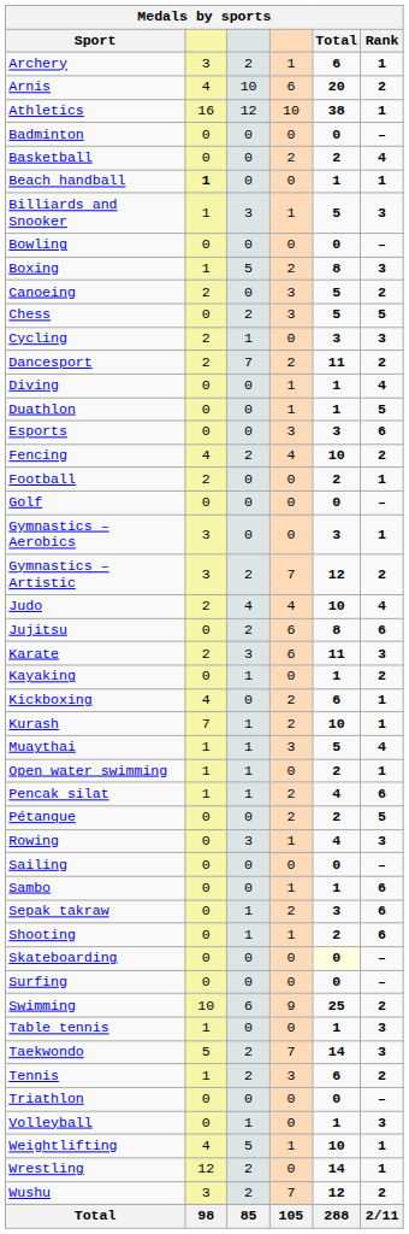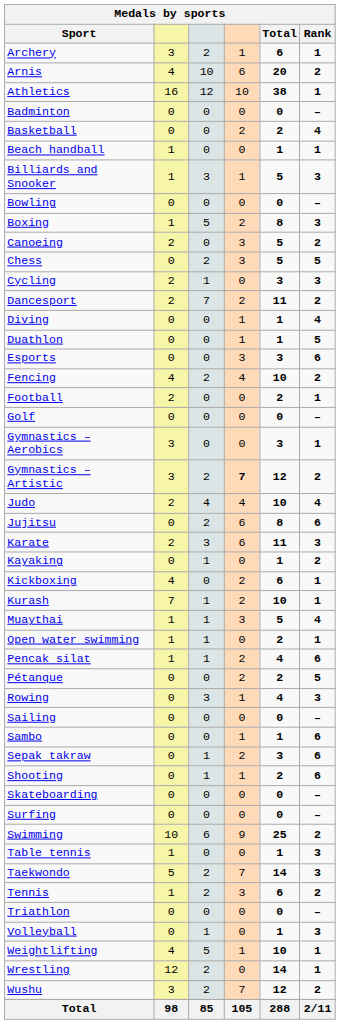 <table class="wikitable sortable" style="font-size:90%; text-align:center;">
 <tr>
 <th colspan=6>Medals by sports</th>
 </tr>
 <tr>
 <th width=145>Sport</th>
 <th scope="col" width=30 style="background:#F7F6A8;"></th>
 <th scope="col" width=30 style="background:#DCE5E5;"></th>
 <th scope="col" width=30 style="background:#FFDAB9;"></th>
 <th width=30>Total</th>
 <th width=30>Rank</th>
 </tr>
 <tr>
 <td style="text-align:left"><a href='#'>Archery</a></td>
 <td style="background:#F7F6A8;">3</td>
 <td style="background:#DCE5E5;">2</td>
 <td style="background:#FFDAB9;">1</td>
 <td><strong>6</strong></td>
 <td><strong>1</strong></td>
 </tr>
 <tr>
 <td style="text-align:left"><a href='#'>Arnis</a></td>
 <td style="background:#F7F6A8;">4</td>
 <td style="background:#DCE5E5;">10</td>
 <td style="background:#FFDAB9;">6</td>
 <td><strong>20</strong></td>
 <td><strong>2</strong></td>
 </tr>
 <tr>
 <td style="text-align:left"><a href='#'>Athletics</a></td>
 <td style="background:#F7F6A8;">16</td>
 <td style="background:#DCE5E5;">12</td>
 <td style="background:#FFDAB9;">10</td>
 <td><strong>38</strong></td>
 <td><strong>1</strong></td>
 </tr>
 <tr>
 <td style="text-align:left"><a href='#'>Badminton</a></td>
 <td style="background:#F7F6A8;">0</td>
 <td style="background:#DCE5E5;">0</td>
 <td style="background:#FFDAB9;">0</td>
 <td><strong>0</strong></td>
 <td><strong>–</strong></td>
 </tr>
 <tr>
 <td style="text-align:left"><a href='#'>Basketball</a></td>
 <td style="background:#F7F6A8;">0</td>
 <td style="background:#DCE5E5;">0</td>
 <td style="background:#FFDAB9;">2</td>
 <td><strong>2</strong></td>
 <td><strong>4</strong></td>
 </tr>
 <tr>
 <td style="text-align:left"><a href='#'>Beach handball</a></td>
-<td style="background:#F7F6A8;"><strong>1</strong></td>
+<td style="background:#F7F6A8;">1</td>
 <td style="background:#DCE5E5;">0</td>
 <td style="background:#FFDAB9;">0</td>
 <td><strong>1</strong></td>
 <td><strong>1</strong></td>
 </tr>
 <tr>
 <td style="text-align:left"><a href='#'>Billiards and Snooker</a></td>
 <td style="background:#F7F6A8;">1</td>
 <td style="background:#DCE5E5;">3</td>
 <td style="background:#FFDAB9;">1</td>
 <td><strong>5</strong></td>
 <td><strong>3</strong></td>
 </tr>
 <tr>
 <td style="text-align:left"><a href='#'>Bowling</a></td>
 <td style="background:#F7F6A8;">0</td>
 <td style="background:#DCE5E5;">0</td>
 <td style="background:#FFDAB9;">0</td>
 <td><strong>0</strong></td>
 <td><strong>–</strong></td>
 </tr>
 <tr>
 <td style="text-align:left"><a href='#'>Boxing</a></td>
 <td style="background:#F7F6A8;">1</td>
 <td style="background:#DCE5E5;">5</td>
 <td style="background:#FFDAB9;">2</td>
 <td><strong>8</strong></td>
 <td><strong>3</strong></td>
 </tr>
 <tr>
 <td style="text-align:left"><a href='#'>Canoeing</a></td>
 <td style="background:#F7F6A8;">2</td>
 <td style="background:#DCE5E5;">0</td>
 <td style="background:#FFDAB9;">3</td>
 <td><strong>5</strong></td>
 <td><strong>2</strong></td>
 </tr>
 <tr>
 <td style="text-align:left"><a href='#'>Chess</a></td>
 <td style="background:#F7F6A8;">0</td>
 <td style="background:#DCE5E5;">2</td>
 <td style="background:#FFDAB9;">3</td>
 <td><strong>5</strong></td>
 <td><strong>5</strong></td>
 </tr>
 <tr>
 <td style="text-align:left"><a href='#'>Cycling</a></td>
 <td style="background:#F7F6A8;">2</td>
 <td style="background:#DCE5E5;">1</td>
 <td style="background:#FFDAB9;">0</td>
 <td><strong>3</strong></td>
 <td><strong>3</strong></td>
 </tr>
 <tr>
 <td style="text-align:left"><a href='#'>Dancesport</a></td>
 <td style="background:#F7F6A8;">2</td>
 <td style="background:#DCE5E5;">7</td>
 <td style="background:#FFDAB9;">2</td>
 <td><strong>11</strong></td>
 <td><strong>2</strong></td>
 </tr>
 <tr>
 <td style="text-align:left"><a href='#'>Diving</a></td>
 <td style="background:#F7F6A8;">0</td>
 <td style="background:#DCE5E5;">0</td>
 <td style="background:#FFDAB9;">1</td>
 <td><strong>1</strong></td>
 <td><strong>4</strong></td>
 </tr>
 <tr>
 <td style="text-align:left"><a href='#'>Duathlon</a></td>
 <td style="background:#F7F6A8;">0</td>
 <td style="background:#DCE5E5;">0</td>
 <td style="background:#FFDAB9;">1</td>
 <td><strong>1</strong></td>
 <td><strong>5</strong></td>
 </tr>
 <tr>
 <td style="text-align:left"><a href='#'>Esports</a></td>
 <td style="background:#F7F6A8;">0</td>
 <td style="background:#DCE5E5;">0</td>
 <td style="background:#FFDAB9;">3</td>
 <td><strong>3</strong></td>
 <td><strong>6</strong></td>
 </tr>
 <tr>
 <td style="text-align:left"><a href='#'>Fencing</a></td>
 <td style="background:#F7F6A8;">4</td>
 <td style="background:#DCE5E5;">2</td>
 <td style="background:#FFDAB9;">4</td>
 <td><strong>10</strong></td>
 <td><strong>2</strong></td>
 </tr>
 <tr>
 <td style="text-align:left"><a href='#'>Football</a></td>
 <td style="background:#F7F6A8;">2</td>
 <td style="background:#DCE5E5;">0</td>
 <td style="background:#FFDAB9;">0</td>
 <td><strong>2</strong></td>
 <td><strong>1</strong></td>
 </tr>
 <tr>
 <td style="text-align:left"><a href='#'>Golf</a></td>
 <td style="background:#F7F6A8;">0</td>
 <td style="background:#DCE5E5;">0</td>
 <td style="background:#FFDAB9;">0</td>
 <td><strong>0</strong></td>
 <td><strong>–</strong></td>
 </tr>
 <tr>
 <td style="text-align:left"><a href='#'>Gymnastics – Aerobics</a></td>
 <td style="background:#F7F6A8;">3</td>
 <td style="background:#DCE5E5;">0</td>
 <td style="background:#FFDAB9;">0</td>
 <td><strong>3</strong></td>
 <td><strong>1</strong></td>
 </tr>
 <tr>
 <td style="text-align:left"><a href='#'>Gymnastics – Artistic</a></td>
 <td style="background:#F7F6A8;">3</td>
 <td style="background:#DCE5E5;">2</td>
-<td style="background:#FFDAB9;">7</td>
+<td style="background:#FFDAB9;"><strong>7</strong></td>
 <td><strong>12</strong></td>
 <td><strong>2</strong></td>
 </tr>
 <tr>
 <td style="text-align:left"><a href='#'>Judo</a></td>
 <td style="background:#F7F6A8;">2</td>
 <td style="background:#DCE5E5;">4</td>
 <td style="background:#FFDAB9;">4</td>
 <td><strong>10</strong></td>
 <td><strong>4</strong></td>
 </tr>
 <tr>
 <td style="text-align:left"><a href='#'>Jujitsu</a></td>
 <td style="background:#F7F6A8;">0</td>
 <td style="background:#DCE5E5;">2</td>
 <td style="background:#FFDAB9;">6</td>
 <td><strong>8</strong></td>
 <td><strong>6</strong></td>
 </tr>
 <tr>
 <td style="text-align:left"><a href='#'>Karate</a></td>
 <td style="background:#F7F6A8;">2</td>
 <td style="background:#DCE5E5;">3</td>
 <td style="background:#FFDAB9;">6</td>
 <td><strong>11</strong></td>
 <td><strong>3</strong></td>
 </tr>
 <tr>
 <td style="text-align:left"><a href='#'>Kayaking</a></td>
 <td style="background:#F7F6A8;">0</td>
 <td style="background:#DCE5E5;">1</td>
 <td style="background:#FFDAB9;">0</td>
 <td><strong>1</strong></td>
 <td><strong>2</strong></td>
 </tr>
 <tr>
 <td style="text-align:left"><a href='#'>Kickboxing</a></td>
 <td style="background:#F7F6A8;">4</td>
 <td style="background:#DCE5E5;">0</td>
 <td style="background:#FFDAB9;">2</td>
 <td><strong>6</strong></td>
 <td><strong>1</strong></td>
 </tr>
 <tr>
 <td style="text-align:left"><a href='#'>Kurash</a></td>
 <td style="background:#F7F6A8;">7</td>
 <td style="background:#DCE5E5;">1</td>
 <td style="background:#FFDAB9;">2</td>
 <td><strong>10</strong></td>
 <td><strong>1</strong></td>
 </tr>
 <tr>
 <td style="text-align:left"><a href='#'>Muaythai</a></td>
 <td style="background:#F7F6A8;">1</td>
 <td style="background:#DCE5E5;">1</td>
 <td style="background:#FFDAB9;">3</td>
 <td><strong>5</strong></td>
 <td><strong>4</strong></td>
 </tr>
 <tr>
 <td style="text-align:left"><a href='#'> Open water swimming</a></td>
 <td style="background:#F7F6A8;">1</td>
 <td style="background:#DCE5E5;">1</td>
 <td style="background:#FFDAB9;">0</td>
 <td><strong>2</strong></td>
 <td><strong>1</strong></td>
 </tr>
 <tr>
 <td style="text-align:left"><a href='#'>Pencak silat</a></td>
 <td style="background:#F7F6A8;">1</td>
 <td style="background:#DCE5E5;">1</td>
 <td style="background:#FFDAB9;">2</td>
 <td><strong>4</strong></td>
 <td><strong>6</strong></td>
 </tr>
 <tr>
 <td style="text-align:left"><a href='#'>Pétanque</a></td>
 <td style="background:#F7F6A8;">0</td>
 <td style="background:#DCE5E5;">0</td>
 <td style="background:#FFDAB9;">2</td>
 <td><strong>2</strong></td>
 <td><strong>5</strong></td>
 </tr>
 <tr>
 <td style="text-align:left"><a href='#'>Rowing</a></td>
 <td style="background:#F7F6A8;">0</td>
 <td style="background:#DCE5E5;">3</td>
 <td style="background:#FFDAB9;">1</td>
 <td><strong>4</strong></td>
 <td><strong>3</strong></td>
 </tr>
 <tr>
 <td style="text-align:left"><a href='#'>Sailing</a></td>
 <td style="background:#F7F6A8;">0</td>
 <td style="background:#DCE5E5;">0</td>
 <td style="background:#FFDAB9;">0</td>
 <td><strong>0</strong></td>
 <td><strong>–</strong></td>
 </tr>
 <tr>
 <td style="text-align:left"><a href='#'>Sambo</a></td>
 <td style="background:#F7F6A8;">0</td>
 <td style="background:#DCE5E5;">0</td>
 <td style="background:#FFDAB9;">1</td>
 <td><strong>1</strong></td>
 <td><strong>6</strong></td>
 </tr>
 <tr>
 <td style="text-align:left"><a href='#'>Sepak takraw</a></td>
 <td style="background:#F7F6A8;">0</td>
 <td style="background:#DCE5E5;">1</td>
 <td style="background:#FFDAB9;">2</td>
 <td><strong>3</strong></td>
 <td><strong>6</strong></td>
 </tr>
 <tr>
 <td style="text-align:left"><a href='#'>Shooting</a></td>
 <td style="background:#F7F6A8;">0</td>
 <td style="background:#DCE5E5;">1</td>
 <td style="background:#FFDAB9;">1</td>
 <td><strong>2</strong></td>
 <td><strong>6</strong></td>
 </tr>
 <tr>
 <td style="text-align:left"><a href='#'>Skateboarding</a></td>
 <td style="background:#F7F6A8;">0</td>
 <td style="background:#DCE5E5;">0</td>
 <td style="background:#FFDAB9;">0</td>
-<td style="background: lightyellow;"><strong>0</strong></td>
+<td><strong>0</strong></td>
 <td><strong>–</strong></td>
 </tr>
 <tr>
 <td style="text-align:left"><a href='#'>Surfing</a></td>
 <td style="background:#F7F6A8;">0</td>
 <td style="background:#DCE5E5;">0</td>
 <td style="background:#FFDAB9;">0</td>
 <td><strong>0</strong></td>
 <td><strong>–</strong></td>
 </tr>
 <tr>
 <td style="text-align:left"><a href='#'>Swimming</a></td>
 <td style="background:#F7F6A8;">10</td>
 <td style="background:#DCE5E5;">6</td>
 <td style="background:#FFDAB9;">9</td>
 <td><strong>25</strong></td>
 <td><strong>2</strong></td>
 </tr>
 <tr>
 <td style="text-align:left"><a href='#'>Table tennis</a></td>
 <td style="background:#F7F6A8;">1</td>
 <td style="background:#DCE5E5;">0</td>
 <td style="background:#FFDAB9;">0</td>
 <td><strong>1</strong></td>
 <td><strong>3</strong></td>
 </tr>
 <tr>
 <td style="text-align:left"><a href='#'>Taekwondo</a></td>
 <td style="background:#F7F6A8;">5</td>
 <td style="background:#DCE5E5;">2</td>
 <td style="background:#FFDAB9;">7</td>
 <td><strong>14</strong></td>
 <td><strong>3</strong></td>
 </tr>
 <tr>
 <td style="text-align:left"><a href='#'>Tennis</a></td>
 <td style="background:#F7F6A8;">1</td>
 <td style="background:#DCE5E5;">2</td>
 <td style="background:#FFDAB9;">3</td>
 <td><strong>6</strong></td>
 <td><strong>2</strong></td>
 </tr>
 <tr>
 <td style="text-align:left"><a href='#'>Triathlon</a></td>
 <td style="background:#F7F6A8;">0</td>
 <td style="background:#DCE5E5;">0</td>
 <td style="background:#FFDAB9;">0</td>
 <td><strong>0</strong></td>
 <td><strong>–</strong></td>
 </tr>
 <tr>
 <td style="text-align:left"><a href='#'>Volleyball</a></td>
 <td style="background:#F7F6A8;">0</td>
 <td style="background:#DCE5E5;">1</td>
 <td style="background:#FFDAB9;">0</td>
 <td><strong>1</strong></td>
 <td><strong>3</strong></td>
 </tr>
 <tr>
 <td style="text-align:left"><a href='#'>Weightlifting</a></td>
 <td style="background:#F7F6A8;">4</td>
 <td style="background:#DCE5E5;">5</td>
 <td style="background:#FFDAB9;">1</td>
 <td><strong>10</strong></td>
 <td><strong>1</strong></td>
 </tr>
 <tr>
 <td style="text-align:left"><a href='#'>Wrestling</a></td>
 <td style="background:#F7F6A8;">12</td>
 <td style="background:#DCE5E5;">2</td>
 <td style="background:#FFDAB9;">0</td>
 <td><strong>14</strong></td>
 <td><strong>1</strong></td>
 </tr>
 <tr>
 <td style="text-align:left"><a href='#'>Wushu</a></td>
 <td style="background:#F7F6A8;">3</td>
 <td style="background:#DCE5E5;">2</td>
 <td style="background:#FFDAB9;">7</td>
 <td><strong>12</strong></td>
 <td><strong>2</strong></td>
 </tr>
 <tr>
 </tr>
 <tr class="sortbottom">
 <th>Total</th>
 <th>98</th>
 <th>85</th>
 <th>105</th>
 <th>288</th>
 <th><strong>2/11</strong></th>
 </tr>
 </table>
